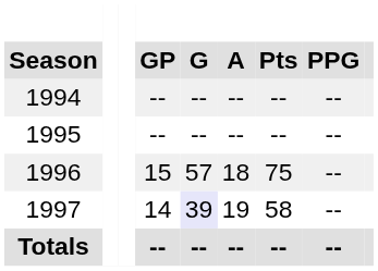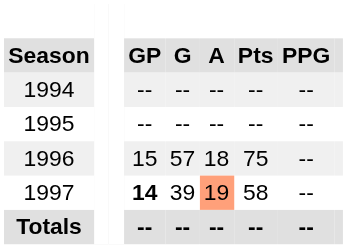 <table BORDER="0" CELLPADDING="3" CELLSPACING="0">
 <tr ALIGN="center" bgcolor="#e0e0e0">
 <th colspan="1" bgcolor="#ffffff"> </th>
 <th rowspan="99" bgcolor="#ffffff"> </th>
 <th rowspan="99" bgcolor="#ffffff"> </th>
 </tr>
 <tr ALIGN="center" bgcolor="#e0e0e0">
 <th>Season</th>
 <th>GP</th>
 <th>G</th>
 <th>A</th>
 <th>Pts</th>
 <th>PPG</th>
 <th></th>
 </tr>
 <tr ALIGN="center" bgcolor="#f0f0f0">
 <td>1994</td>
 <td>--</td>
 <td>--</td>
 <td>--</td>
 <td>--</td>
 <td>--</td>
 <td></td>
 </tr>
 <tr ALIGN="center">
 <td>1995</td>
 <td>--</td>
 <td>--</td>
 <td>--</td>
 <td>--</td>
 <td>--</td>
 <td></td>
 </tr>
 <tr ALIGN="center" bgcolor="#f0f0f0">
 <td>1996</td>
 <td>15</td>
 <td>57</td>
 <td>18</td>
 <td>75</td>
 <td>--</td>
 <td></td>
 </tr>
 <tr ALIGN="center">
 <td>1997</td>
-<td>14</td>
-<td style="background: lavender;">39</td>
-<td>19</td>
+<td><strong>14</strong></td>
+<td>39</td>
+<td style="background: lightsalmon;">19</td>
 <td>58</td>
 <td>--</td>
 <td></td>
 </tr>
 <tr ALIGN="center" bgcolor="#e0e0e0">
 <th colspan="1.5">Totals</th>
 <th>--</th>
 <th>--</th>
 <th>--</th>
 <th>--</th>
 <th>--</th>
 <th></th>
 </tr>
 </table>
